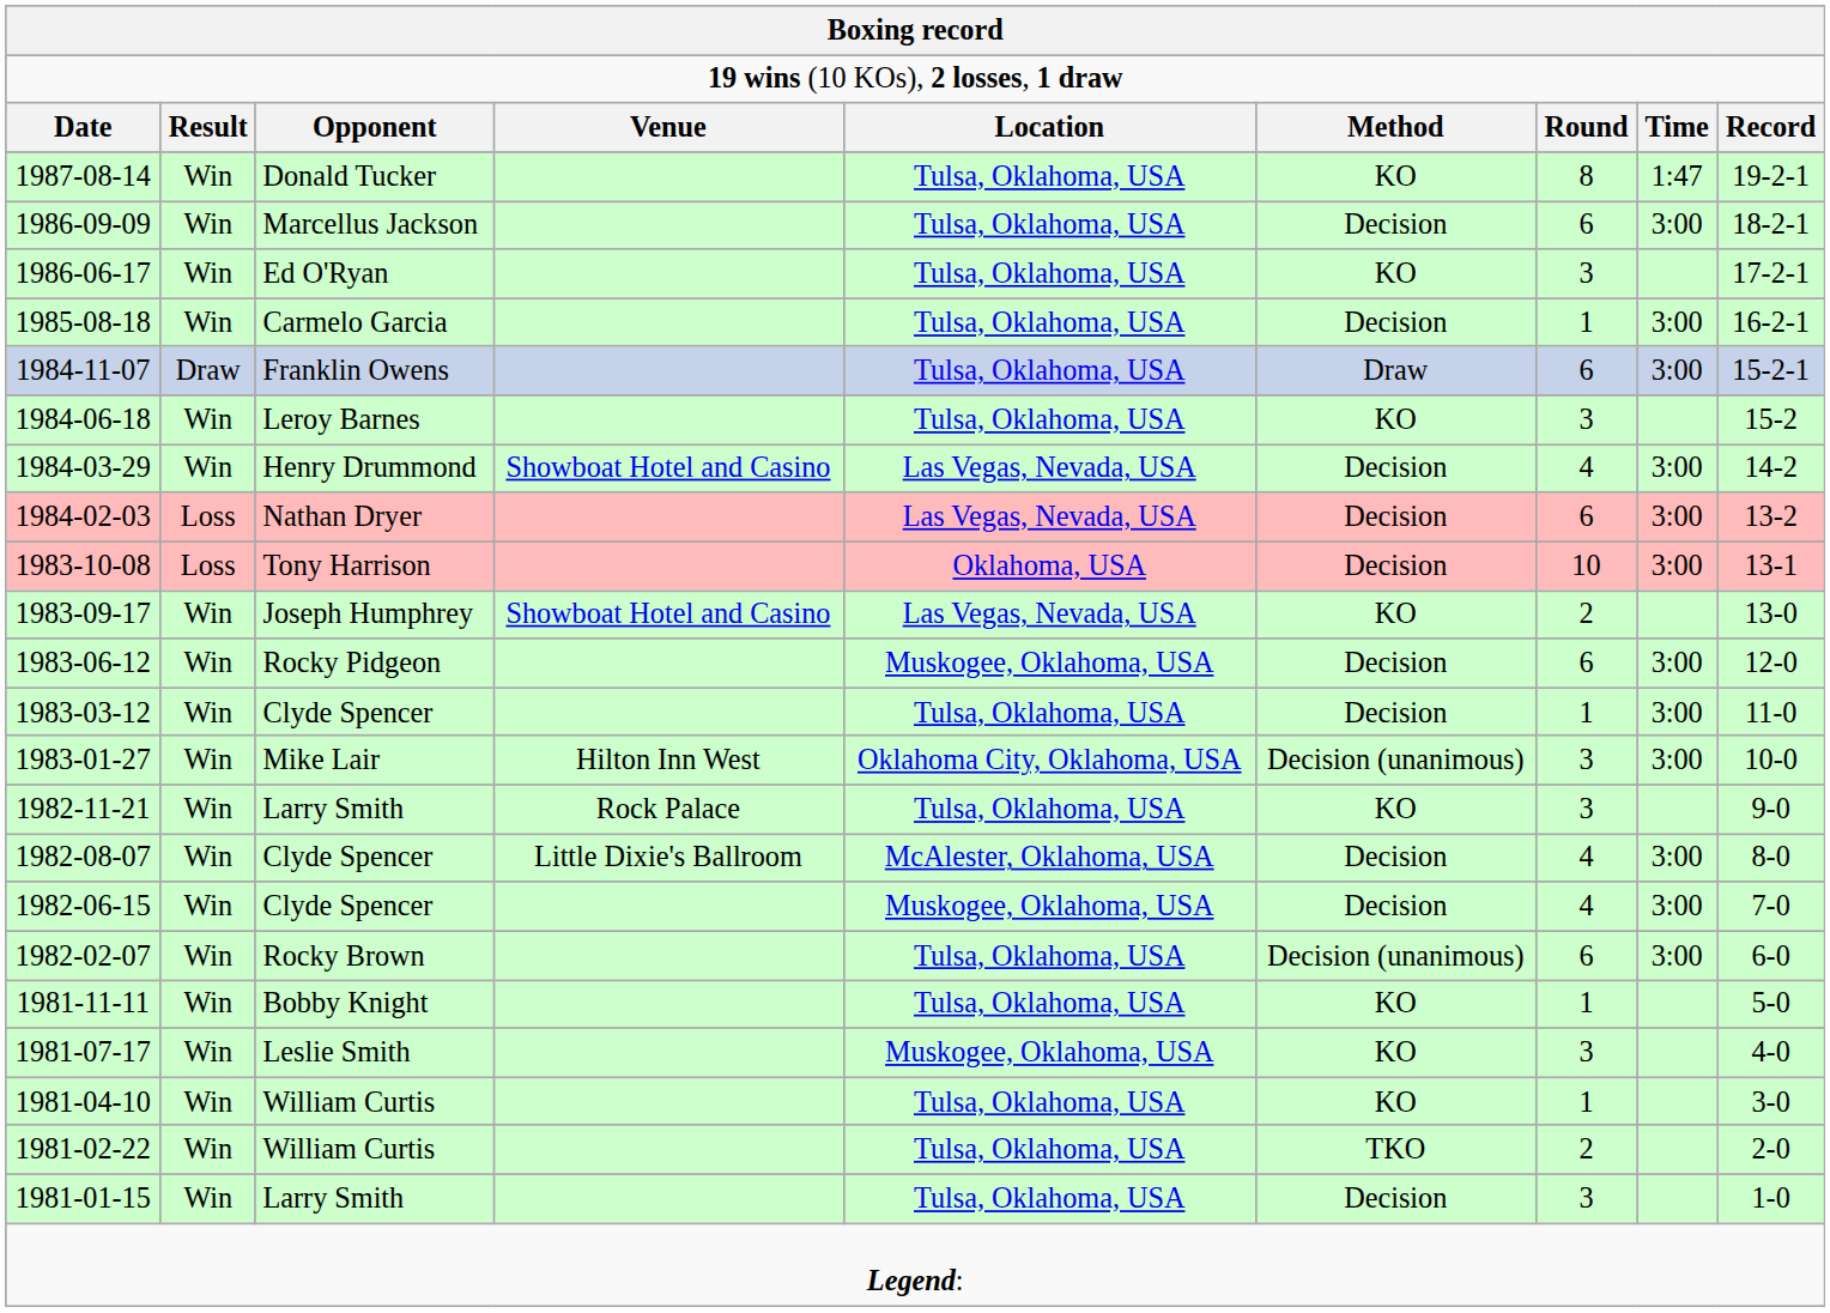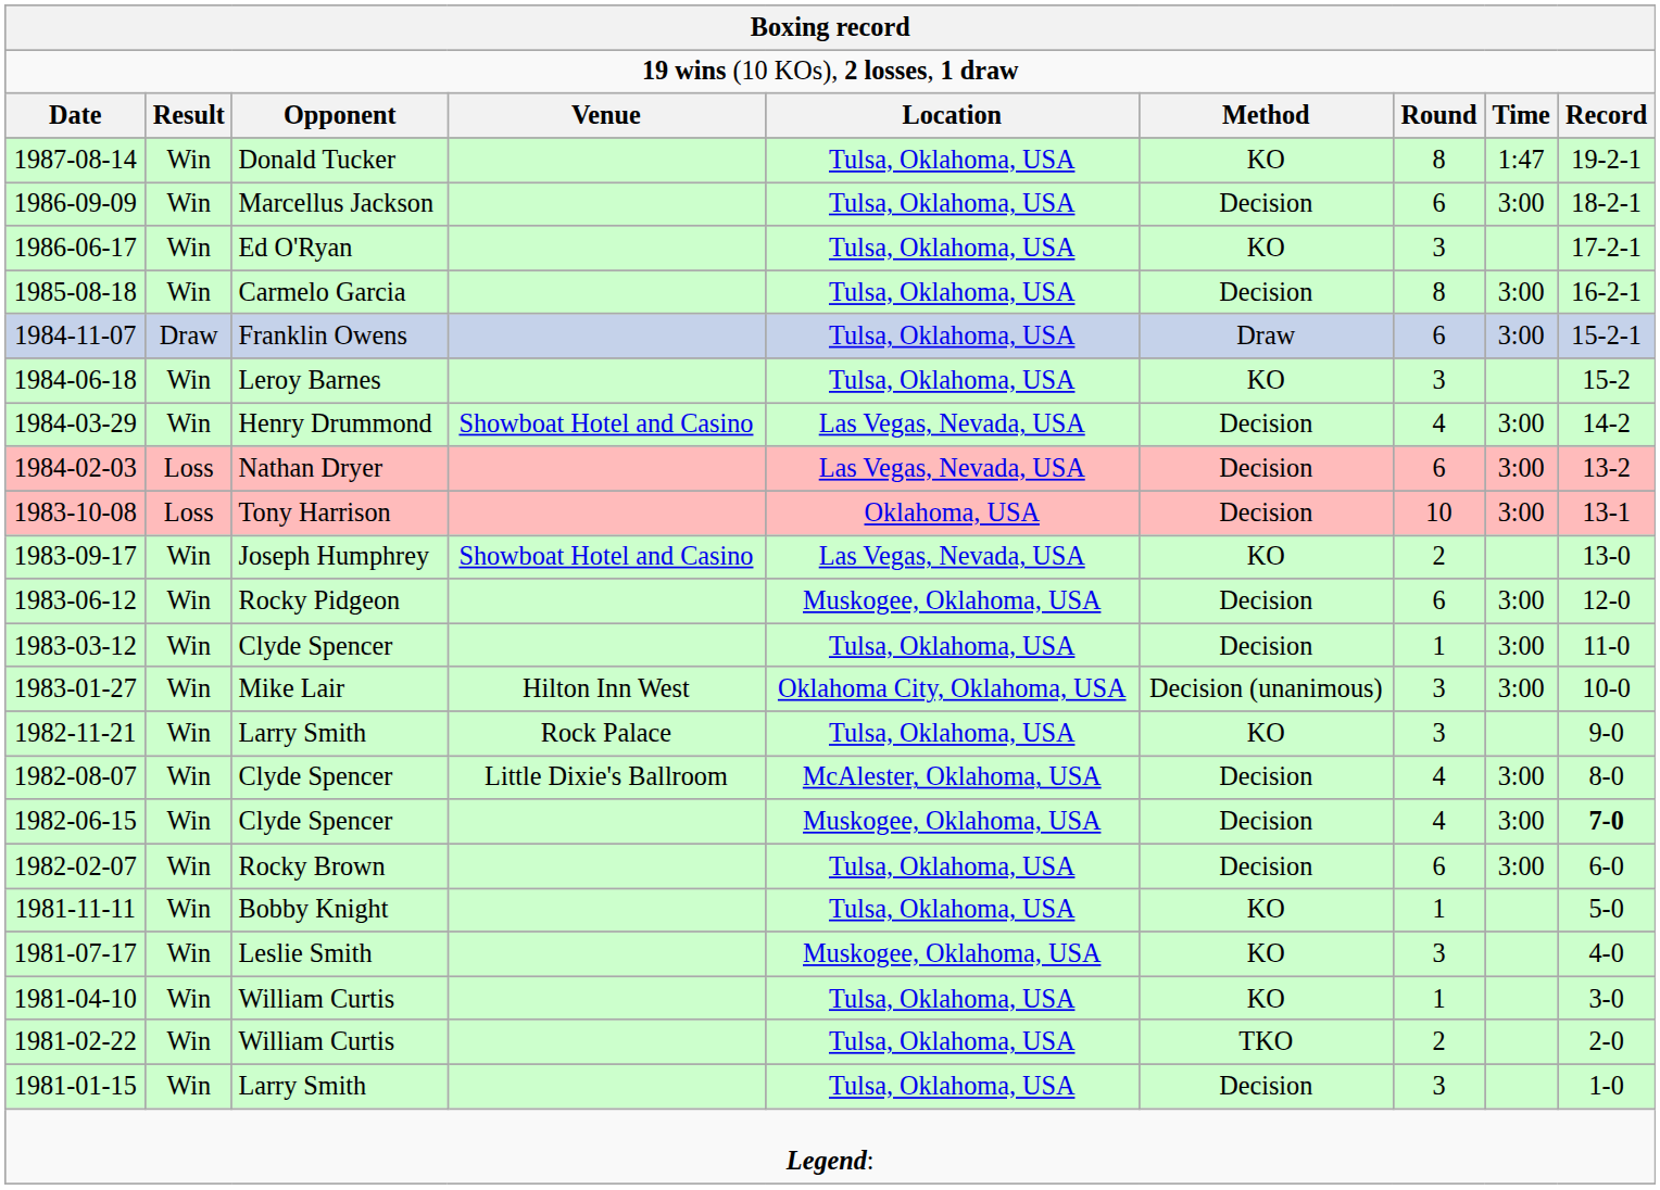 <table class="wikitable collapsible"  style="width:100%; font-size:88%; text-align:center;">
 <tr>
 <th colspan=9>Boxing record</th>
 </tr>
 <tr valign="top">
 <td colspan=9><strong>19 wins</strong> (10 KOs), <strong>2 losses</strong>, <strong>1 draw</strong></td>
 </tr>
 <tr>
 <th>Date</th>
 <th>Result</th>
 <th>Opponent</th>
 <th>Venue</th>
 <th>Location</th>
 <th>Method</th>
 <th>Round</th>
 <th>Time</th>
 <th>Record</th>
 </tr>
 <tr style="background:#cfc;">
 <td>1987-08-14</td>
 <td>Win</td>
 <td align=left> Donald Tucker</td>
 <td></td>
 <td><a href='#'>Tulsa, Oklahoma, USA</a></td>
 <td>KO</td>
 <td>8</td>
 <td>1:47</td>
 <td>19-2-1</td>
 </tr>
 <tr style="background:#cfc;">
 <td>1986-09-09</td>
 <td>Win</td>
 <td align=left> Marcellus Jackson</td>
 <td></td>
 <td><a href='#'>Tulsa, Oklahoma, USA</a></td>
 <td>Decision</td>
 <td>6</td>
 <td>3:00</td>
 <td>18-2-1</td>
 </tr>
 <tr style="background:#cfc;">
 <td>1986-06-17</td>
 <td>Win</td>
 <td align=left> Ed O'Ryan</td>
 <td></td>
 <td><a href='#'>Tulsa, Oklahoma, USA</a></td>
 <td>KO</td>
 <td>3</td>
 <td></td>
 <td>17-2-1</td>
 </tr>
 <tr style="background:#cfc;">
 <td>1985-08-18</td>
 <td>Win</td>
 <td align=left> Carmelo Garcia</td>
 <td></td>
 <td><a href='#'>Tulsa, Oklahoma, USA</a></td>
 <td>Decision</td>
-<td>1</td>
+<td>8</td>
 <td>3:00</td>
 <td>16-2-1</td>
 </tr>
 <tr style="text-align:center; background:#c5d2ea;">
 <td>1984-11-07</td>
 <td>Draw</td>
 <td align=left> Franklin Owens</td>
 <td></td>
 <td><a href='#'>Tulsa, Oklahoma, USA</a></td>
 <td>Draw</td>
 <td>6</td>
 <td>3:00</td>
 <td>15-2-1</td>
 </tr>
 <tr style="background:#cfc;">
 <td>1984-06-18</td>
 <td>Win</td>
 <td align=left> Leroy Barnes</td>
 <td></td>
 <td><a href='#'>Tulsa, Oklahoma, USA</a></td>
 <td>KO</td>
 <td>3</td>
 <td></td>
 <td>15-2</td>
 </tr>
 <tr style="background:#cfc;">
 <td>1984-03-29</td>
 <td>Win</td>
 <td align=left> Henry Drummond</td>
 <td><a href='#'>Showboat Hotel and Casino</a></td>
 <td><a href='#'>Las Vegas, Nevada, USA</a></td>
 <td>Decision</td>
 <td>4</td>
 <td>3:00</td>
 <td>14-2</td>
 </tr>
 <tr style="background:#fbb;">
 <td>1984-02-03</td>
 <td>Loss</td>
 <td align=left> Nathan Dryer</td>
 <td></td>
 <td><a href='#'>Las Vegas, Nevada, USA</a></td>
 <td>Decision</td>
 <td>6</td>
 <td>3:00</td>
 <td>13-2</td>
 </tr>
 <tr style="background:#fbb;">
 <td>1983-10-08</td>
 <td>Loss</td>
 <td align=left> Tony Harrison</td>
 <td></td>
 <td><a href='#'>Oklahoma, USA</a></td>
 <td>Decision</td>
 <td>10</td>
 <td>3:00</td>
 <td>13-1</td>
 </tr>
 <tr style="background:#cfc;">
 <td>1983-09-17</td>
 <td>Win</td>
 <td align=left> Joseph Humphrey</td>
 <td><a href='#'>Showboat Hotel and Casino</a></td>
 <td><a href='#'>Las Vegas, Nevada, USA</a></td>
 <td>KO</td>
 <td>2</td>
 <td></td>
 <td>13-0</td>
 </tr>
 <tr style="background:#cfc;">
 <td>1983-06-12</td>
 <td>Win</td>
 <td align=left> Rocky Pidgeon</td>
 <td></td>
 <td><a href='#'>Muskogee, Oklahoma, USA</a></td>
 <td>Decision</td>
 <td>6</td>
 <td>3:00</td>
 <td>12-0</td>
 </tr>
 <tr style="background:#cfc;">
 <td>1983-03-12</td>
 <td>Win</td>
 <td align=left> Clyde Spencer</td>
 <td></td>
 <td><a href='#'>Tulsa, Oklahoma, USA</a></td>
 <td>Decision</td>
 <td>1</td>
 <td>3:00</td>
 <td>11-0</td>
 </tr>
 <tr style="background:#cfc;">
 <td>1983-01-27</td>
 <td>Win</td>
 <td align=left> Mike Lair</td>
 <td>Hilton Inn West</td>
 <td><a href='#'>Oklahoma City, Oklahoma, USA</a></td>
 <td>Decision (unanimous)</td>
 <td>3</td>
 <td>3:00</td>
 <td>10-0</td>
 </tr>
 <tr style="background:#cfc;">
 <td>1982-11-21</td>
 <td>Win</td>
 <td align=left> Larry Smith</td>
 <td>Rock Palace</td>
 <td><a href='#'>Tulsa, Oklahoma, USA</a></td>
 <td>KO</td>
 <td>3</td>
 <td></td>
 <td>9-0</td>
 </tr>
 <tr style="background:#cfc;">
 <td>1982-08-07</td>
 <td>Win</td>
 <td align=left> Clyde Spencer</td>
 <td>Little Dixie's Ballroom</td>
 <td><a href='#'>McAlester, Oklahoma, USA</a></td>
 <td>Decision</td>
 <td>4</td>
 <td>3:00</td>
 <td>8-0</td>
 </tr>
 <tr style="background:#cfc;">
 <td>1982-06-15</td>
 <td>Win</td>
 <td align=left> Clyde Spencer</td>
 <td></td>
 <td><a href='#'>Muskogee, Oklahoma, USA</a></td>
 <td>Decision</td>
 <td>4</td>
 <td>3:00</td>
-<td>7-0</td>
+<td><strong>7-0</strong></td>
 </tr>
 <tr style="background:#cfc;">
 <td>1982-02-07</td>
 <td>Win</td>
 <td align=left> Rocky Brown</td>
 <td></td>
 <td><a href='#'>Tulsa, Oklahoma, USA</a></td>
-<td>Decision (unanimous)</td>
+<td>Decision</td>
 <td>6</td>
 <td>3:00</td>
 <td>6-0</td>
 </tr>
 <tr style="background:#cfc;">
 <td>1981-11-11</td>
 <td>Win</td>
 <td align=left> Bobby Knight</td>
 <td></td>
 <td><a href='#'>Tulsa, Oklahoma, USA</a></td>
 <td>KO</td>
 <td>1</td>
 <td></td>
 <td>5-0</td>
 </tr>
 <tr style="background:#cfc;">
 <td>1981-07-17</td>
 <td>Win</td>
 <td align=left> Leslie Smith</td>
 <td></td>
 <td><a href='#'>Muskogee, Oklahoma, USA</a></td>
 <td>KO</td>
 <td>3</td>
 <td></td>
 <td>4-0</td>
 </tr>
 <tr style="background:#cfc;">
 <td>1981-04-10</td>
 <td>Win</td>
 <td align=left> William Curtis</td>
 <td></td>
 <td><a href='#'>Tulsa, Oklahoma, USA</a></td>
 <td>KO</td>
 <td>1</td>
 <td></td>
 <td>3-0</td>
 </tr>
 <tr style="background:#cfc;">
 <td>1981-02-22</td>
 <td>Win</td>
 <td align=left> William Curtis</td>
 <td></td>
 <td><a href='#'>Tulsa, Oklahoma, USA</a></td>
 <td>TKO</td>
 <td>2</td>
 <td></td>
 <td>2-0</td>
 </tr>
 <tr style="background:#cfc;">
 <td>1981-01-15</td>
 <td>Win</td>
 <td align=left> Larry Smith</td>
 <td></td>
 <td><a href='#'>Tulsa, Oklahoma, USA</a></td>
 <td>Decision</td>
 <td>3</td>
 <td></td>
 <td>1-0</td>
 </tr>
 <tr>
 <td colspan=9><br><strong><em>Legend</em></strong>:    </td>
 </tr>
 </table>
